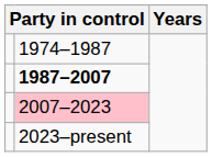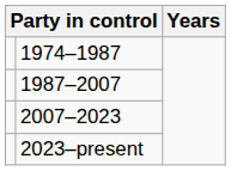 <table class="wikitable">
 <tr>
 <th colspan=2>Party in control</th>
 <th>Years</th>
 </tr>
 <tr>
 <td></td>
 <td>1974–1987</td>
 </tr>
 <tr>
 <td></td>
-<td><strong>1987–2007</strong></td>
+<td>1987–2007</td>
 </tr>
 <tr>
 <td></td>
-<td style="background: pink;">2007–2023</td>
+<td>2007–2023</td>
 </tr>
 <tr>
 <td></td>
 <td>2023–present</td>
 </tr>
 </table>
